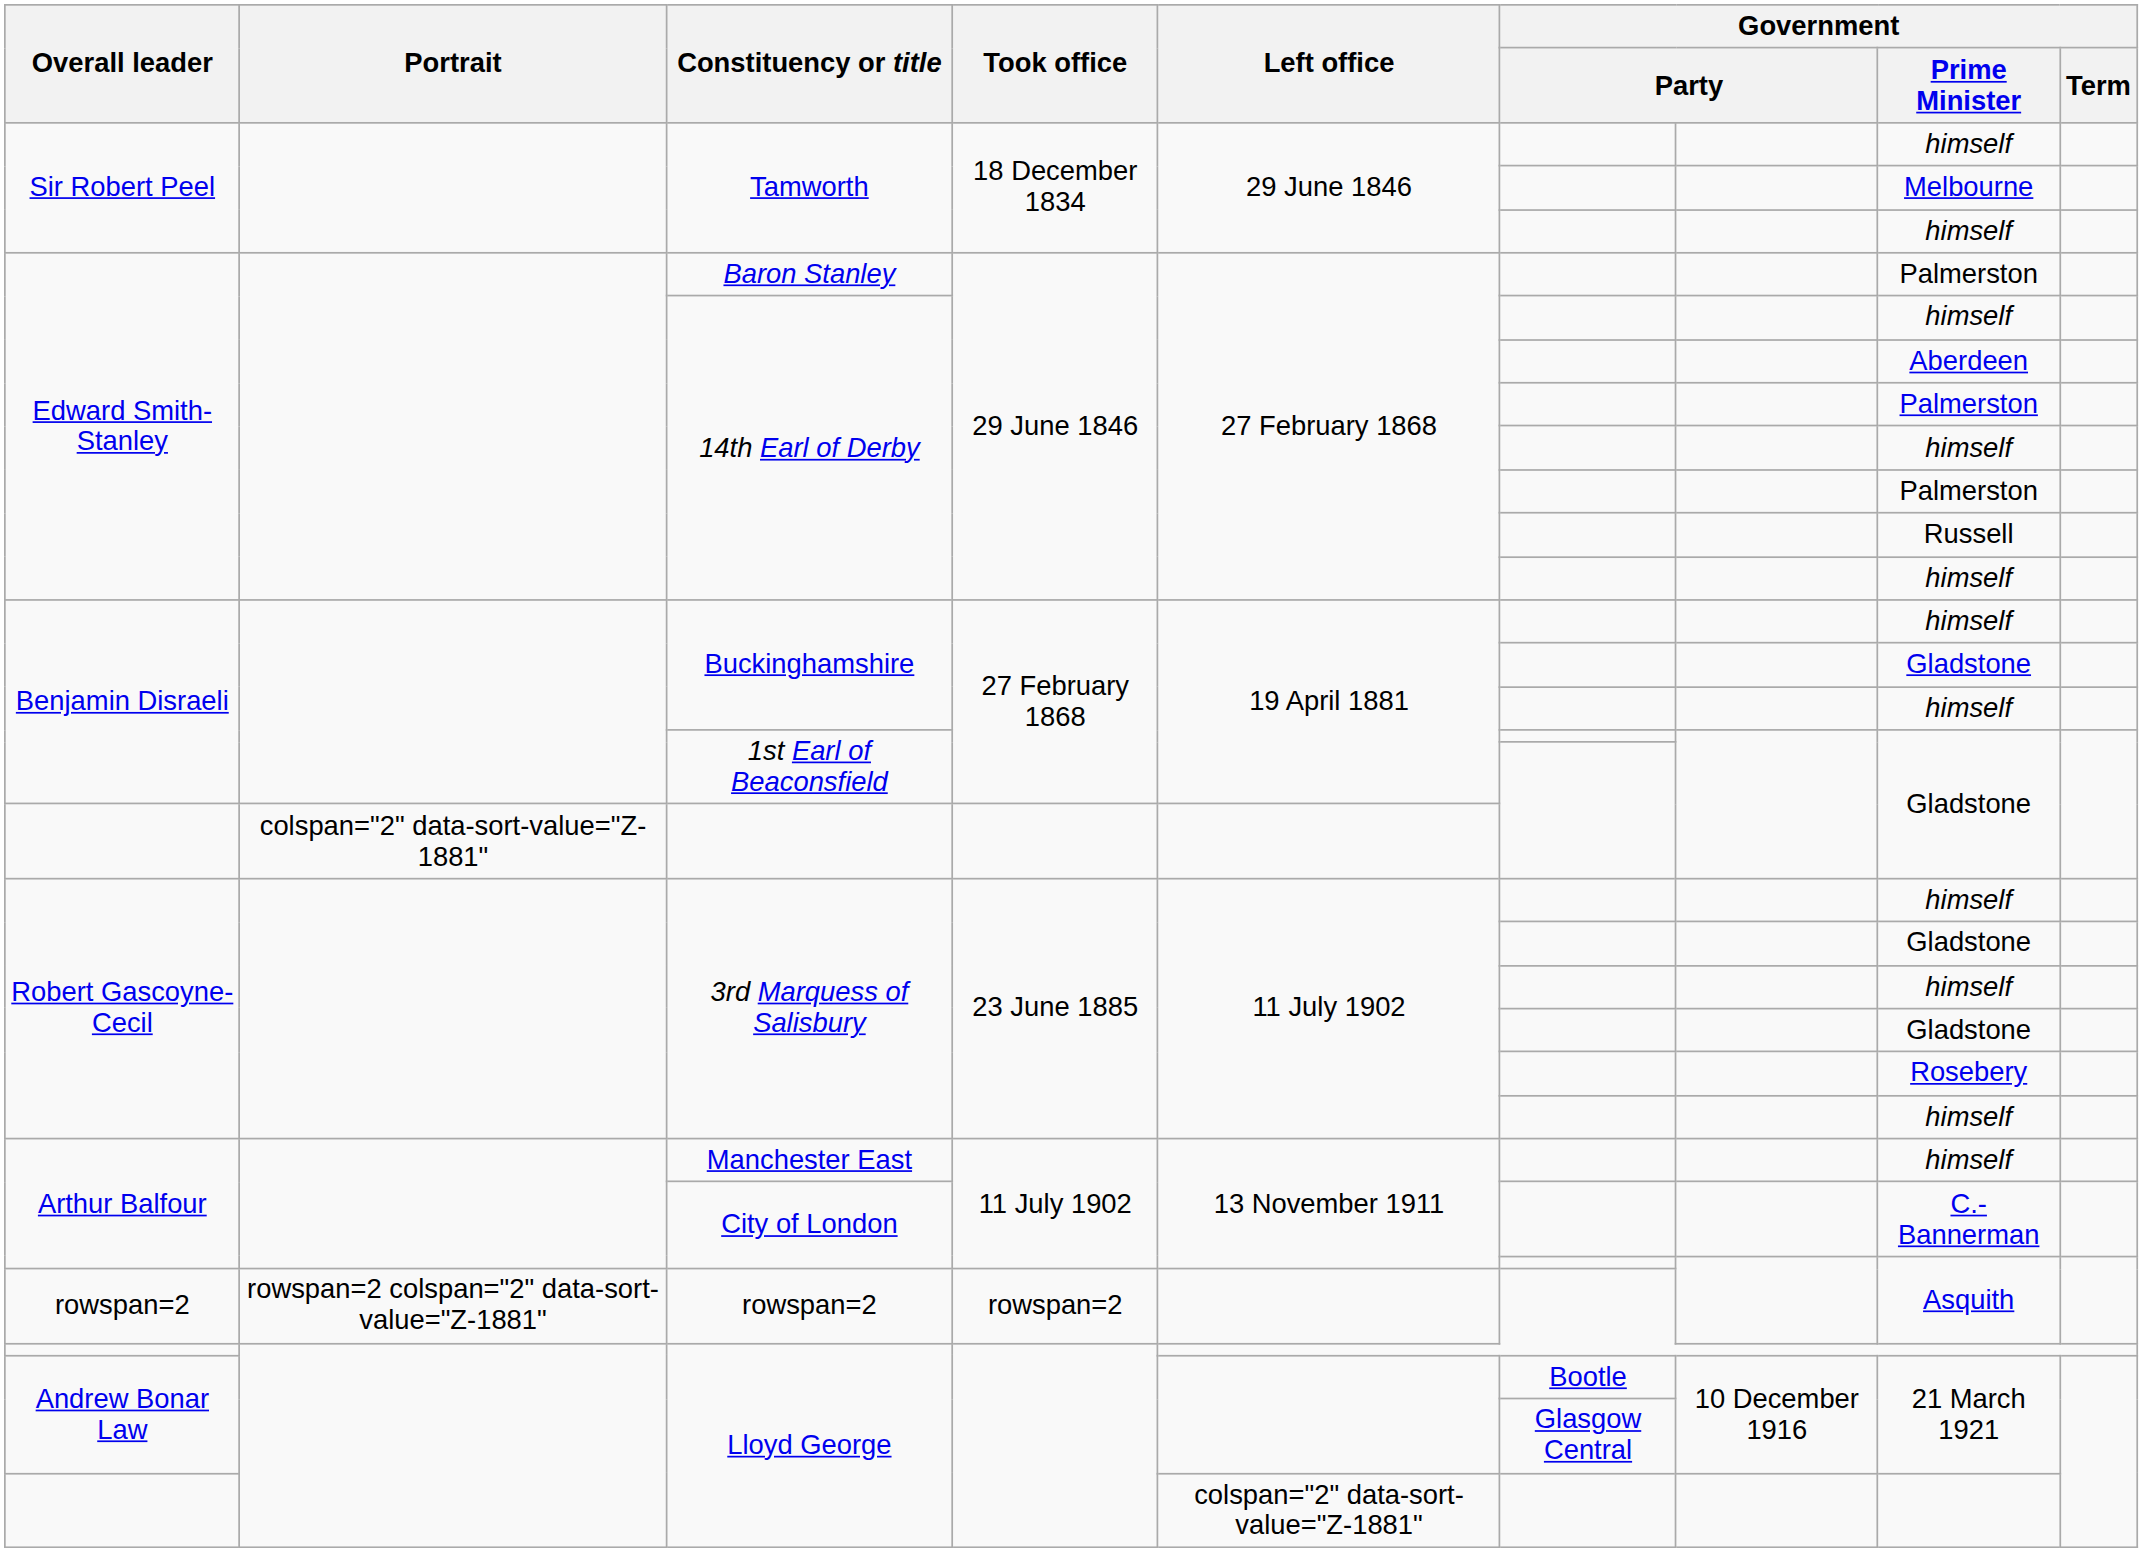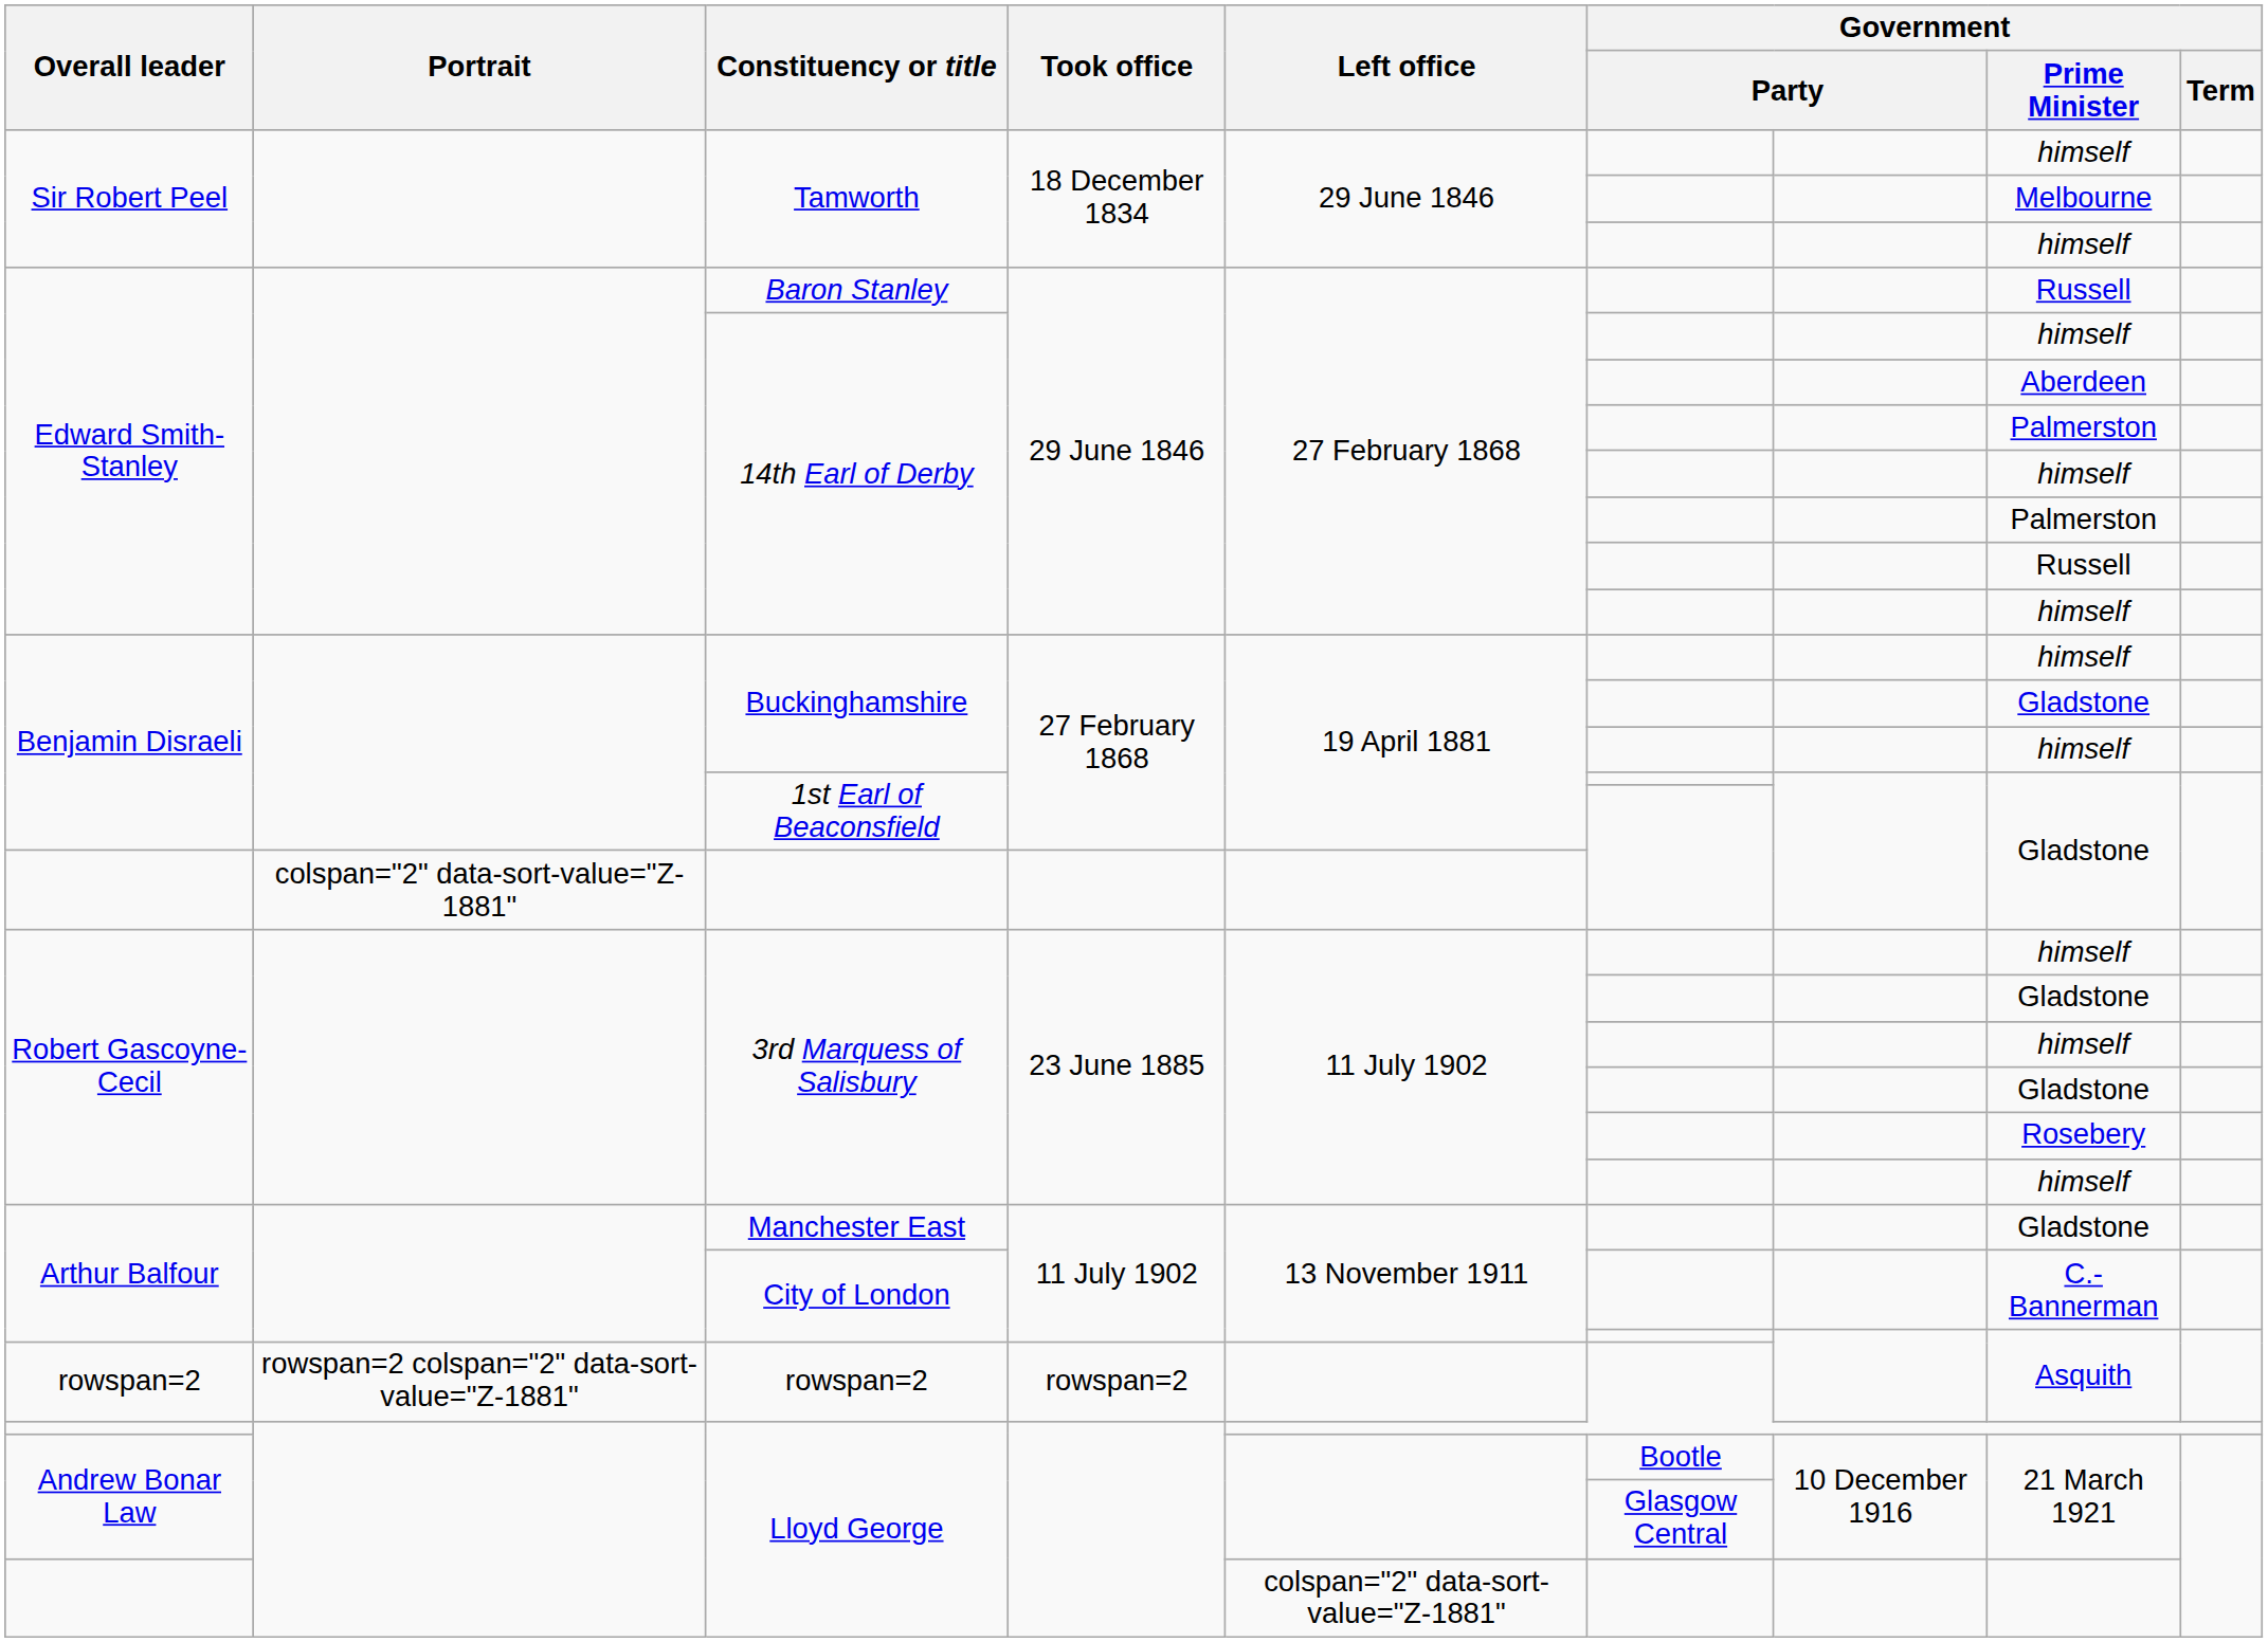 <table class="wikitable" style="text-align:center">
 <tr>
 <th rowspan="2">Overall leader</th>
 <th rowspan="2" class="unsortable">Portrait</th>
 <th rowspan="2">Constituency or <em>title</em></th>
 <th rowspan="2">Took office</th>
 <th rowspan="2">Left office</th>
 <th colspan="4">Government</th>
 </tr>
 <tr>
 <th colspan="2">Party</th>
 <th><a href='#'>Prime Minister</a></th>
 <th>Term</th>
 </tr>
 <tr>
 <td rowspan="3" data-sort-value="Peel"><a href='#'>Sir Robert Peel</a></td>
 <td rowspan="3"></td>
 <td rowspan="3"  data-sort-value="Tamworth"><a href='#'>Tamworth</a></td>
 <td rowspan="3">18 December 1834</td>
 <td rowspan="3">29 June 1846</td>
 <td style="background-color: "></td>
 <td><a href='#'></a></td>
 <td><em>himself</em></td>
 <td></td>
 </tr>
 <tr>
 <td style="background-color: "></td>
 <td><a href='#'></a></td>
 <td><a href='#'>Melbourne</a></td>
 <td></td>
 </tr>
 <tr>
 <td style="background-color: "></td>
 <td><a href='#'></a></td>
 <td><em>himself</em></td>
 <td></td>
 </tr>
 <tr>
 <td rowspan="8" data-sort-value="Smith-Stanley"><a href='#'>Edward Smith-Stanley</a> </td>
 <td rowspan="8"></td>
 <td rowspan="1"  data-sort-value="Stanley"><em><a href='#'>Baron Stanley</a></em> </td>
 <td rowspan="8">29 June 1846</td>
 <td rowspan="8">27 February 1868</td>
 <td style="background-color: "></td>
 <td><a href='#'></a></td>
-<td>Palmerston</td>
+<td><a href='#'>Russell</a></td>
 <td></td>
 </tr>
 <tr>
 <td rowspan="7"  data-sort-value="Derby"><em>14th <a href='#'>Earl of Derby</a></em> </td>
 <td style="background-color: "></td>
 <td><a href='#'></a></td>
 <td><em>himself</em></td>
 <td></td>
 </tr>
 <tr>
 <td style="background-color: "></td>
 <td><a href='#'></a></td>
 <td><a href='#'>Aberdeen</a></td>
 <td></td>
 </tr>
 <tr>
 <td style="background-color: "></td>
 <td><a href='#'></a></td>
 <td><a href='#'>Palmerston</a></td>
 <td></td>
 </tr>
 <tr>
 <td style="background-color: "></td>
 <td><a href='#'></a></td>
 <td><em>himself</em></td>
 <td></td>
 </tr>
 <tr>
 <td style="background-color: "></td>
 <td><a href='#'></a></td>
 <td>Palmerston</td>
 <td></td>
 </tr>
 <tr>
 <td style="background-color: "></td>
 <td><a href='#'></a></td>
 <td>Russell</td>
 <td></td>
 </tr>
 <tr>
 <td style="background-color: "></td>
 <td><a href='#'></a></td>
 <td><em>himself</em></td>
 <td></td>
 </tr>
 <tr>
 <td rowspan="5" data-sort-value="Disraeli"><a href='#'>Benjamin Disraeli</a></td>
 <td rowspan="5"></td>
 <td rowspan="3"  data-sort-value="Buckinghamshire"><a href='#'>Buckinghamshire</a></td>
 <td rowspan="5">27 February 1868</td>
 <td rowspan="5">19 April 1881</td>
 <td style="background-color: "></td>
 <td><a href='#'></a></td>
 <td><em>himself</em></td>
 <td></td>
 </tr>
 <tr>
 <td style="background-color: "></td>
 <td><a href='#'></a></td>
 <td><a href='#'>Gladstone</a></td>
 <td></td>
 </tr>
 <tr>
 <td style="background-color: "></td>
 <td><a href='#'></a></td>
 <td><em>himself</em></td>
 <td></td>
 </tr>
 <tr>
 <td rowspan="2"  data-sort-value="Beaconsfield"><em>1st <a href='#'>Earl of Beaconsfield</a></em></td>
 <td style="background-color: "></td>
 <td rowspan="3"><a href='#'></a></td>
 <td rowspan="3">Gladstone</td>
 <td rowspan="3"></td>
 </tr>
 <tr>
 <td rowspan=2 style="background-color: "></td>
 </tr>
 <tr>
 <td></td>
 <td>colspan="2" data-sort-value="Z-1881" </td>
 <td></td>
 <td></td>
 </tr>
 <tr>
 <td rowspan="6" data-sort-value="Gascoyne-Cecil"><a href='#'>Robert Gascoyne-Cecil</a></td>
 <td rowspan="6"></td>
 <td rowspan="6"  data-sort-value="Salisbury"><em>3rd <a href='#'>Marquess of Salisbury</a></em></td>
 <td rowspan="6">23 June 1885</td>
 <td rowspan="6">11 July 1902</td>
 <td style="background-color: "></td>
 <td><a href='#'></a></td>
 <td><em>himself</em></td>
 <td></td>
 </tr>
 <tr>
 <td style="background-color: "></td>
 <td><a href='#'></a></td>
 <td>Gladstone</td>
 <td></td>
 </tr>
 <tr>
 <td style="background-color: "></td>
 <td><a href='#'></a></td>
 <td><em>himself</em></td>
 <td></td>
 </tr>
 <tr>
 <td style="background-color: "></td>
 <td><a href='#'></a></td>
 <td>Gladstone</td>
 <td></td>
 </tr>
 <tr>
 <td style="background-color: "></td>
 <td><a href='#'></a></td>
 <td><a href='#'>Rosebery</a></td>
 <td></td>
 </tr>
 <tr>
 <td style="background-color: "></td>
 <td><a href='#'></a></td>
 <td><em>himself</em></td>
 <td></td>
 </tr>
 <tr>
 <td rowspan="3"  data-sort-value="Balfour"><a href='#'>Arthur Balfour</a></td>
 <td rowspan="3"></td>
 <td rowspan="1"  data-sort-value="Manchester East"><a href='#'>Manchester East</a></td>
 <td rowspan="3">11 July 1902</td>
 <td rowspan="3">13 November 1911</td>
 <td style="background-color: "></td>
 <td><a href='#'></a></td>
-<td><em>himself</em></td>
+<td>Gladstone</td>
 <td></td>
 </tr>
 <tr>
 <td rowspan="2"  data-sort-value="City of London"><a href='#'>City of London</a></td>
 <td style="background-color: "></td>
 <td><a href='#'></a></td>
 <td><a href='#'>C.-Bannerman</a></td>
 <td></td>
 </tr>
 <tr>
 <td style="background-color: "></td>
 <td rowspan="2"><a href='#'></a></td>
 <td rowspan="2"><a href='#'>Asquith</a></td>
 <td rowspan="2"></td>
 </tr>
 <tr>
 <td>rowspan=2 </td>
 <td>rowspan=2 colspan="2" data-sort-value="Z-1881" </td>
 <td>rowspan=2 </td>
 <td>rowspan=2 </td>
 <td style="background-color: "></td>
 </tr>
 <tr>
 <td style="background-color: "></td>
 <td rowspan="4"><a href='#'></a></td>
 <td rowspan="4"><a href='#'>Lloyd George</a></td>
 <td rowspan="4"></td>
 </tr>
 <tr>
 <td rowspan="2" data-sort-value="Law"><a href='#'>Andrew Bonar Law</a></td>
 <td rowspan="2"></td>
 <td rowspan="1" data-sort-value="Bootle"><a href='#'>Bootle</a></td>
 <td rowspan="2">10 December 1916</td>
 <td rowspan="2">21 March 1921</td>
 <td rowspan="4" style="background-color: "></td>
 </tr>
 <tr>
 <td rowspan="1" data-sort-value="Glasgow"><a href='#'>Glasgow Central</a></td>
 </tr>
 <tr>
 <td></td>
 <td>colspan="2" data-sort-value="Z-1881" </td>
 <td></td>
 <td></td>
 </tr>
 </table>
